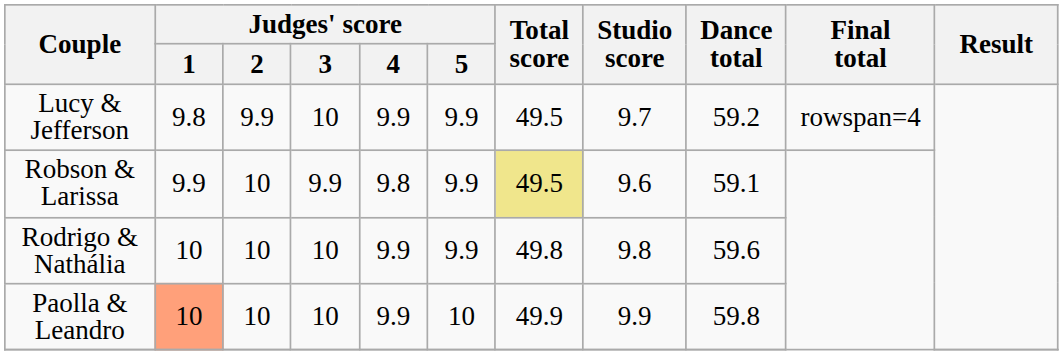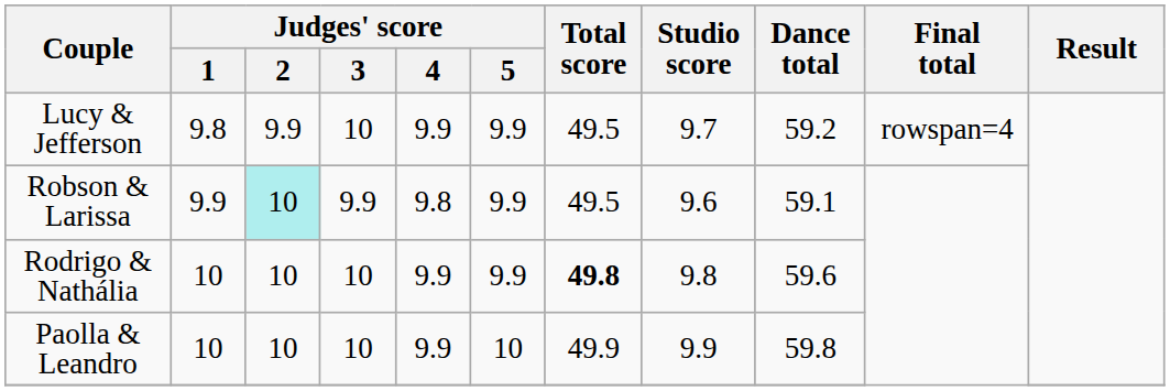 <table class="wikitable" style="font-size:100%; line-height:16px; text-align:center" width="100%">
 <tr>
 <th rowspan=2 width="11.0%">Couple</th>
 <th colspan=5 width="25.0%">Judges' score</th>
 <th rowspan=2 width="05.0%">Total<br>score</th>
 <th rowspan=2 width="05.0%">Studio<br>score</th>
 <th rowspan=2 width="05.0%">Dance<br>total</th>
 <th rowspan=2 width="05.0%">Final<br>total</th>
 <th rowspan=2 width="09.0%">Result</th>
 </tr>
 <tr>
 <th width="05.0%">1</th>
 <th width="05.0%">2</th>
 <th width="05.0%">3</th>
 <th width="05.0%">4</th>
 <th width="05.0%">5</th>
 </tr>
 <tr>
 <td>Lucy & Jefferson</td>
 <td>9.8</td>
 <td>9.9</td>
 <td>10</td>
 <td>9.9</td>
 <td>9.9</td>
 <td>49.5</td>
 <td>9.7</td>
 <td>59.2</td>
 <td>rowspan=4 </td>
 <td rowspan=4></td>
 </tr>
 <tr>
 <td>Robson & Larissa</td>
 <td>9.9</td>
-<td>10</td>
+<td style="background: paleturquoise;">10</td>
 <td>9.9</td>
 <td>9.8</td>
 <td>9.9</td>
-<td style="background: khaki;">49.5</td>
+<td>49.5</td>
 <td>9.6</td>
 <td>59.1</td>
 </tr>
 <tr>
 <td>Rodrigo & Nathália</td>
 <td>10</td>
 <td>10</td>
 <td>10</td>
 <td>9.9</td>
 <td>9.9</td>
-<td>49.8</td>
+<td><strong>49.8</strong></td>
 <td>9.8</td>
 <td>59.6</td>
 </tr>
 <tr>
 <td>Paolla & Leandro</td>
-<td style="background: lightsalmon;">10</td>
+<td>10</td>
 <td>10</td>
 <td>10</td>
 <td>9.9</td>
 <td>10</td>
 <td>49.9</td>
 <td>9.9</td>
 <td>59.8</td>
 </tr>
 <tr>
 </tr>
 </table>
